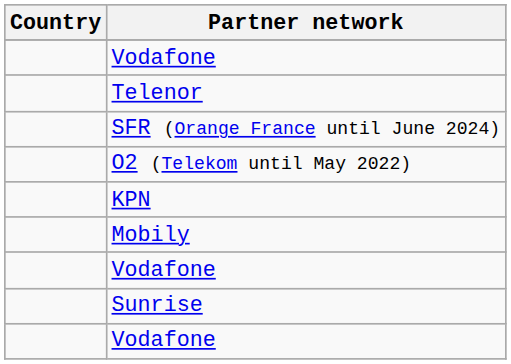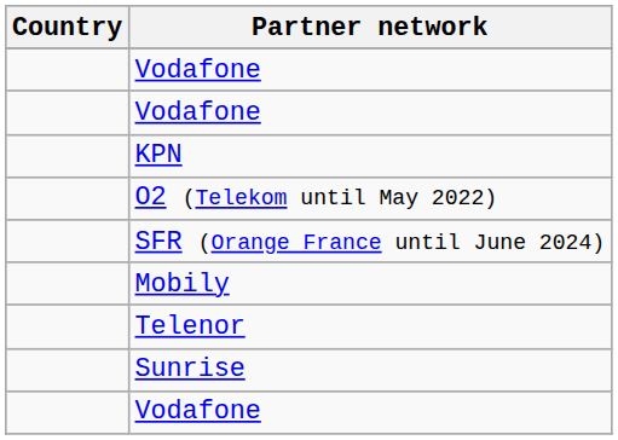 <table class="wikitable">
 <tr>
 <th>Country</th>
 <th>Partner network</th>
 </tr>
 <tr>
 </tr>
 <tr>
 <td></td>
 <td><a href='#'>Vodafone</a></td>
 </tr>
 <tr>
 <td></td>
-<td><a href='#'>Telenor</a></td>
+<td><a href='#'>Vodafone</a></td>
+</tr>
+<tr>
+<td></td>
+<td><a href='#'>KPN</a></td>
+</tr>
+<tr>
+<td></td>
+<td><a href='#'>O2</a> <small>(<a href='#'>Telekom</a> until May 2022)</small></td>
 </tr>
 <tr>
 <td></td>
 <td><a href='#'>SFR</a> <small>(<a href='#'>Orange France</a> until June 2024)</small></td>
 </tr>
 <tr>
 <td></td>
-<td><a href='#'>O2</a> <small>(<a href='#'>Telekom</a> until May 2022)</small></td>
-</tr>
-<tr>
-<td></td>
-<td><a href='#'>KPN</a></td>
-</tr>
-<tr>
-<td></td>
 <td><a href='#'>Mobily</a></td>
 </tr>
 <tr>
 <td></td>
-<td><a href='#'>Vodafone</a></td>
+<td><a href='#'>Telenor</a></td>
 </tr>
 <tr>
 <td></td>
 <td><a href='#'>Sunrise</a></td>
 </tr>
 <tr>
 <td></td>
 <td><a href='#'>Vodafone</a></td>
 </tr>
 </table>
